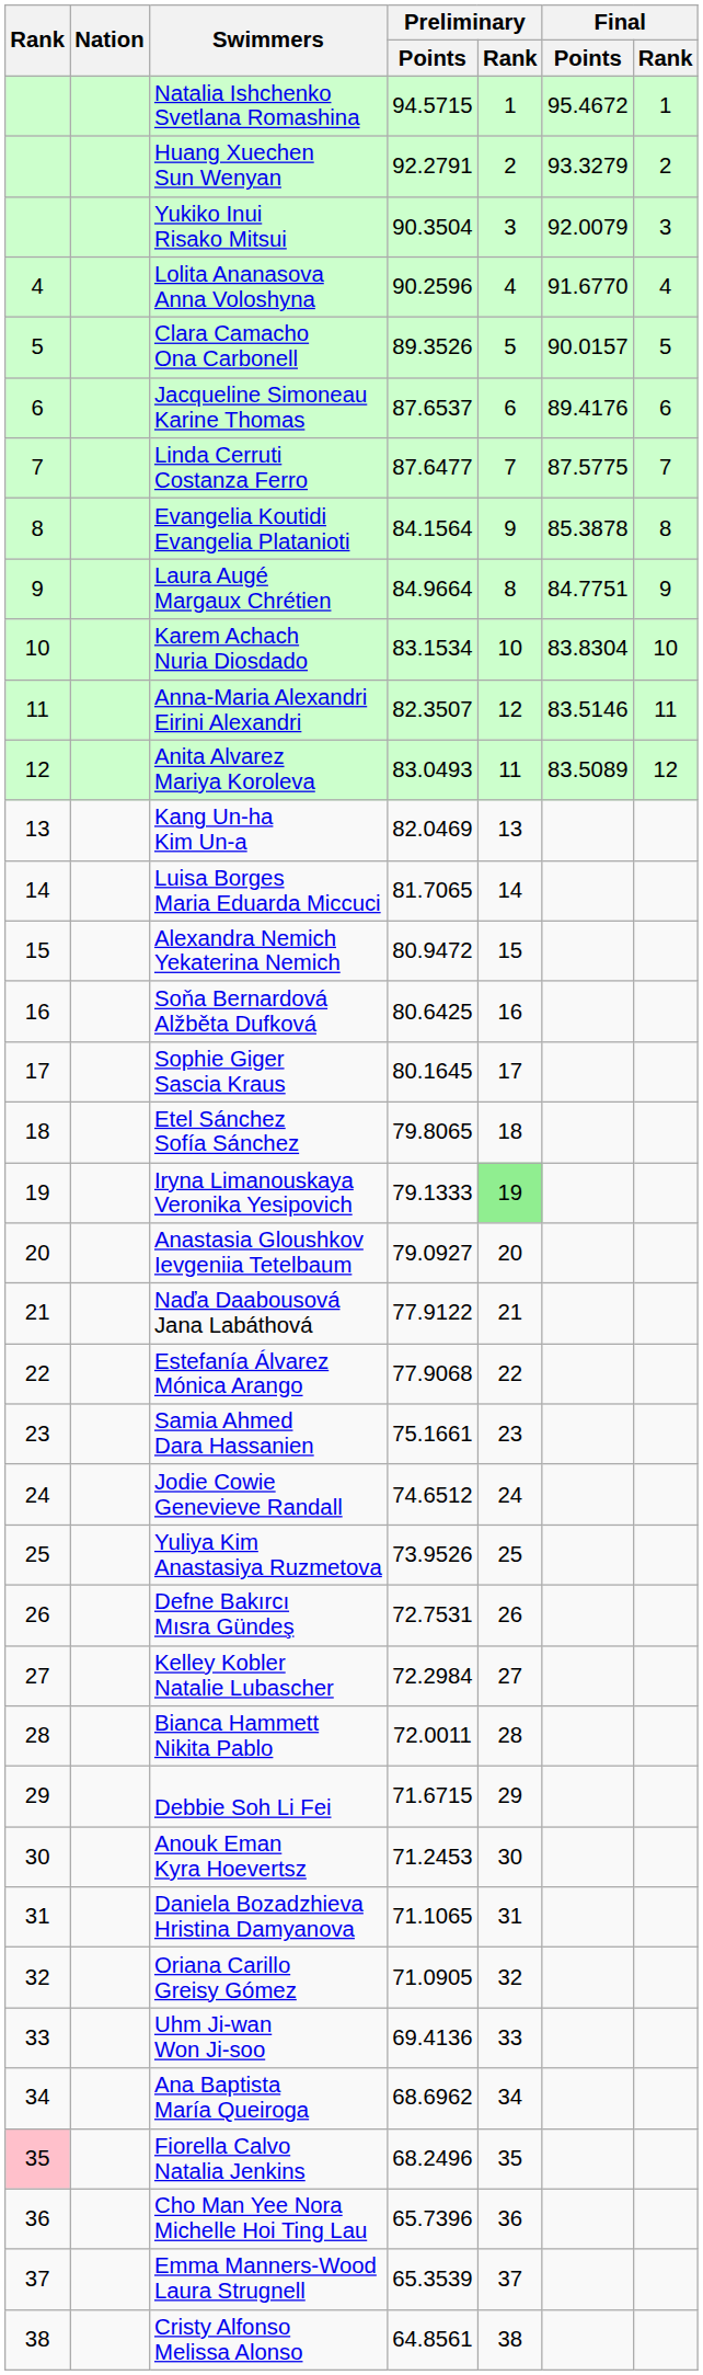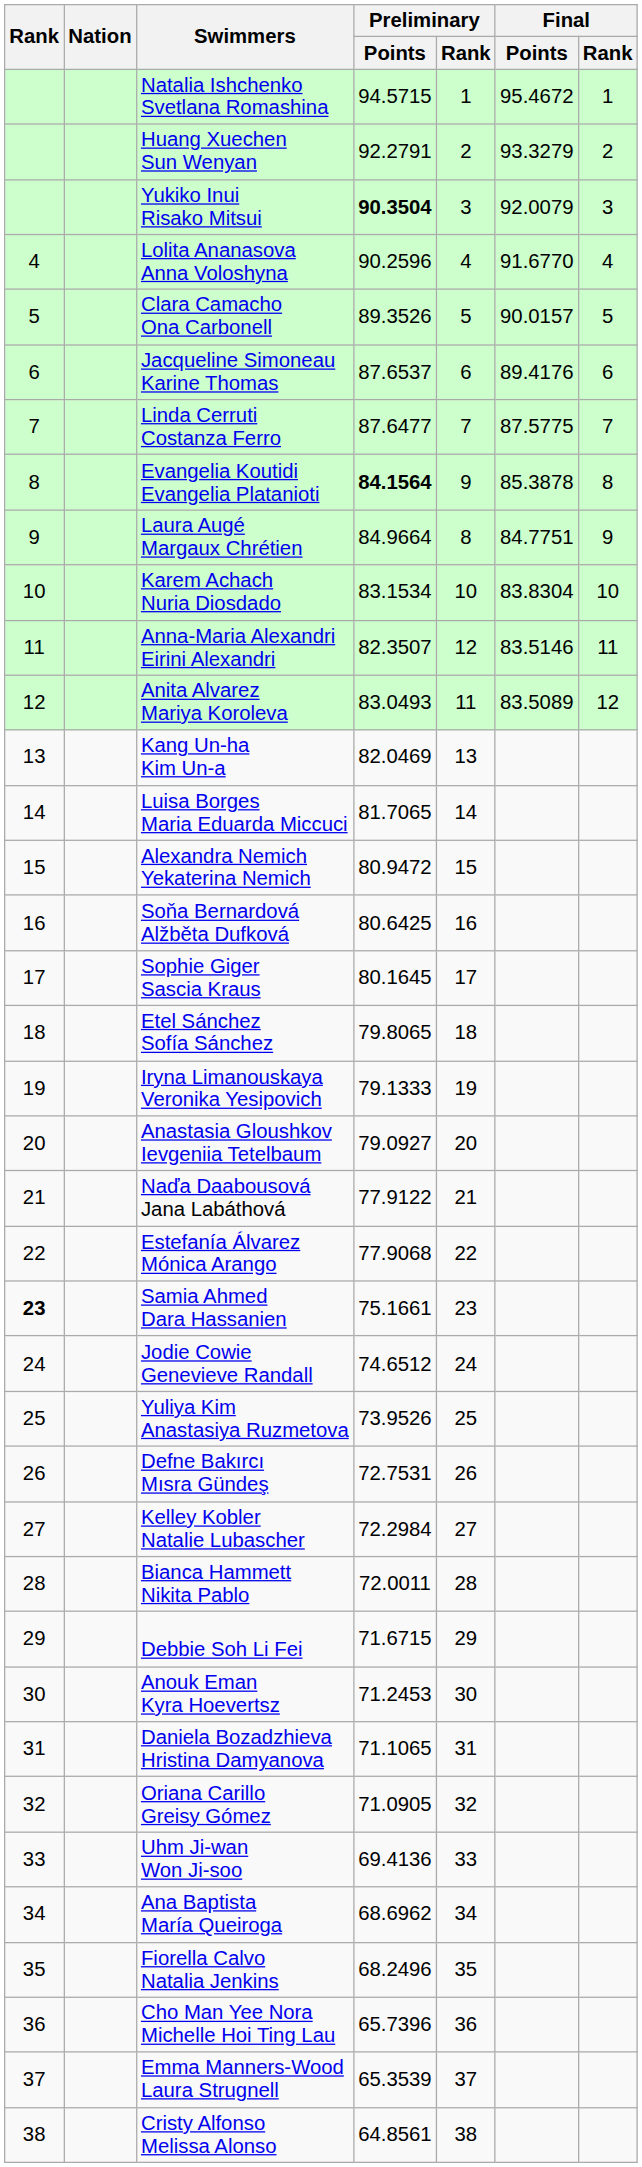 <table class="wikitable sortable" style="text-align:center">
 <tr>
 <th rowspan=2>Rank</th>
 <th rowspan=2>Nation</th>
 <th rowspan=2>Swimmers</th>
 <th colspan=2>Preliminary</th>
 <th colspan=2>Final</th>
 </tr>
 <tr>
 <th>Points</th>
 <th>Rank</th>
 <th>Points</th>
 <th>Rank</th>
 </tr>
 <tr bgcolor=ccffcc>
 <td></td>
 <td align=left></td>
 <td align=left><a href='#'>Natalia Ishchenko</a><br><a href='#'>Svetlana Romashina</a></td>
 <td>94.5715</td>
 <td>1</td>
 <td>95.4672</td>
 <td>1</td>
 </tr>
 <tr bgcolor=ccffcc>
 <td></td>
 <td align=left></td>
 <td align=left><a href='#'>Huang Xuechen</a><br><a href='#'>Sun Wenyan</a></td>
 <td>92.2791</td>
 <td>2</td>
 <td>93.3279</td>
 <td>2</td>
 </tr>
 <tr bgcolor=ccffcc>
 <td></td>
 <td align=left></td>
 <td align=left><a href='#'>Yukiko Inui</a><br><a href='#'>Risako Mitsui</a></td>
-<td>90.3504</td>
+<td><strong>90.3504</strong></td>
 <td>3</td>
 <td>92.0079</td>
 <td>3</td>
 </tr>
 <tr bgcolor=ccffcc>
 <td>4</td>
 <td align=left></td>
 <td align=left><a href='#'>Lolita Ananasova</a><br><a href='#'>Anna Voloshyna</a></td>
 <td>90.2596</td>
 <td>4</td>
 <td>91.6770</td>
 <td>4</td>
 </tr>
 <tr bgcolor=ccffcc>
 <td>5</td>
 <td align=left></td>
 <td align=left><a href='#'>Clara Camacho</a><br><a href='#'>Ona Carbonell</a></td>
 <td>89.3526</td>
 <td>5</td>
 <td>90.0157</td>
 <td>5</td>
 </tr>
 <tr bgcolor=ccffcc>
 <td>6</td>
 <td align=left></td>
 <td align=left><a href='#'>Jacqueline Simoneau</a><br><a href='#'>Karine Thomas</a></td>
 <td>87.6537</td>
 <td>6</td>
 <td>89.4176</td>
 <td>6</td>
 </tr>
 <tr bgcolor=ccffcc>
 <td>7</td>
 <td align=left></td>
 <td align=left><a href='#'>Linda Cerruti</a><br><a href='#'>Costanza Ferro</a></td>
 <td>87.6477</td>
 <td>7</td>
 <td>87.5775</td>
 <td>7</td>
 </tr>
 <tr bgcolor=ccffcc>
 <td>8</td>
 <td align=left></td>
 <td align=left><a href='#'>Evangelia Koutidi</a><br><a href='#'>Evangelia Platanioti</a></td>
-<td>84.1564</td>
+<td><strong>84.1564</strong></td>
 <td>9</td>
 <td>85.3878</td>
 <td>8</td>
 </tr>
 <tr bgcolor=ccffcc>
 <td>9</td>
 <td align=left></td>
 <td align=left><a href='#'>Laura Augé</a><br><a href='#'>Margaux Chrétien</a></td>
 <td>84.9664</td>
 <td>8</td>
 <td>84.7751</td>
 <td>9</td>
 </tr>
 <tr bgcolor=ccffcc>
 <td>10</td>
 <td align=left></td>
 <td align=left><a href='#'>Karem Achach</a><br><a href='#'>Nuria Diosdado</a></td>
 <td>83.1534</td>
 <td>10</td>
 <td>83.8304</td>
 <td>10</td>
 </tr>
 <tr bgcolor=ccffcc>
 <td>11</td>
 <td align=left></td>
 <td align=left><a href='#'>Anna-Maria Alexandri</a><br><a href='#'>Eirini Alexandri</a></td>
 <td>82.3507</td>
 <td>12</td>
 <td>83.5146</td>
 <td>11</td>
 </tr>
 <tr bgcolor=ccffcc>
 <td>12</td>
 <td align=left></td>
 <td align=left><a href='#'>Anita Alvarez</a><br><a href='#'>Mariya Koroleva</a></td>
 <td>83.0493</td>
 <td>11</td>
 <td>83.5089</td>
 <td>12</td>
 </tr>
 <tr>
 <td>13</td>
 <td align=left></td>
 <td align=left><a href='#'>Kang Un-ha</a><br><a href='#'>Kim Un-a</a></td>
 <td>82.0469</td>
 <td>13</td>
 <td></td>
 <td></td>
 </tr>
 <tr>
 <td>14</td>
 <td align=left></td>
 <td align=left><a href='#'>Luisa Borges</a><br><a href='#'>Maria Eduarda Miccuci</a></td>
 <td>81.7065</td>
 <td>14</td>
 <td></td>
 <td></td>
 </tr>
 <tr>
 <td>15</td>
 <td align=left></td>
 <td align=left><a href='#'>Alexandra Nemich</a><br><a href='#'>Yekaterina Nemich</a></td>
 <td>80.9472</td>
 <td>15</td>
 <td></td>
 <td></td>
 </tr>
 <tr>
 <td>16</td>
 <td align=left></td>
 <td align=left><a href='#'>Soňa Bernardová</a><br><a href='#'>Alžběta Dufková</a></td>
 <td>80.6425</td>
 <td>16</td>
 <td></td>
 <td></td>
 </tr>
 <tr>
 <td>17</td>
 <td align=left></td>
 <td align=left><a href='#'>Sophie Giger</a><br><a href='#'>Sascia Kraus</a></td>
 <td>80.1645</td>
 <td>17</td>
 <td></td>
 <td></td>
 </tr>
 <tr>
 <td>18</td>
 <td align=left></td>
 <td align=left><a href='#'>Etel Sánchez</a><br><a href='#'>Sofía Sánchez</a></td>
 <td>79.8065</td>
 <td>18</td>
 <td></td>
 <td></td>
 </tr>
 <tr>
 <td>19</td>
 <td align=left></td>
 <td align=left><a href='#'>Iryna Limanouskaya</a><br><a href='#'>Veronika Yesipovich</a></td>
 <td>79.1333</td>
-<td style="background: lightgreen;">19</td>
+<td>19</td>
 <td></td>
 <td></td>
 </tr>
 <tr>
 <td>20</td>
 <td align=left></td>
 <td align=left><a href='#'>Anastasia Gloushkov</a><br><a href='#'>Ievgeniia Tetelbaum</a></td>
 <td>79.0927</td>
 <td>20</td>
 <td></td>
 <td></td>
 </tr>
 <tr>
 <td>21</td>
 <td align=left></td>
 <td align=left><a href='#'>Naďa Daabousová</a><br>Jana Labáthová</td>
 <td>77.9122</td>
 <td>21</td>
 <td></td>
 <td></td>
 </tr>
 <tr>
 <td>22</td>
 <td align=left></td>
 <td align=left><a href='#'>Estefanía Álvarez</a><br><a href='#'>Mónica Arango</a></td>
 <td>77.9068</td>
 <td>22</td>
 <td></td>
 <td></td>
 </tr>
 <tr>
-<td>23</td>
+<td><strong>23</strong></td>
 <td align=left></td>
 <td align=left><a href='#'>Samia Ahmed</a><br><a href='#'>Dara Hassanien</a></td>
 <td>75.1661</td>
 <td>23</td>
 <td></td>
 <td></td>
 </tr>
 <tr>
 <td>24</td>
 <td align=left></td>
 <td align=left><a href='#'>Jodie Cowie</a><br><a href='#'>Genevieve Randall</a></td>
 <td>74.6512</td>
 <td>24</td>
 <td></td>
 <td></td>
 </tr>
 <tr>
 <td>25</td>
 <td align=left></td>
 <td align=left><a href='#'>Yuliya Kim</a><br><a href='#'>Anastasiya Ruzmetova</a></td>
 <td>73.9526</td>
 <td>25</td>
 <td></td>
 <td></td>
 </tr>
 <tr>
 <td>26</td>
 <td align=left></td>
 <td align=left><a href='#'>Defne Bakırcı</a><br><a href='#'>Mısra Gündeş</a></td>
 <td>72.7531</td>
 <td>26</td>
 <td></td>
 <td></td>
 </tr>
 <tr>
 <td>27</td>
 <td align=left></td>
 <td align=left><a href='#'>Kelley Kobler</a><br><a href='#'>Natalie Lubascher</a></td>
 <td>72.2984</td>
 <td>27</td>
 <td></td>
 <td></td>
 </tr>
 <tr>
 <td>28</td>
 <td align=left></td>
 <td align=left><a href='#'>Bianca Hammett</a><br><a href='#'>Nikita Pablo</a></td>
 <td>72.0011</td>
 <td>28</td>
 <td></td>
 <td></td>
 </tr>
 <tr>
 <td>29</td>
 <td align=left></td>
 <td align=left><br><a href='#'>Debbie Soh Li Fei</a></td>
 <td>71.6715</td>
 <td>29</td>
 <td></td>
 <td></td>
 </tr>
 <tr>
 <td>30</td>
 <td align=left></td>
 <td align=left><a href='#'>Anouk Eman</a><br><a href='#'>Kyra Hoevertsz</a></td>
 <td>71.2453</td>
 <td>30</td>
 <td></td>
 <td></td>
 </tr>
 <tr>
 <td>31</td>
 <td align=left></td>
 <td align=left><a href='#'>Daniela Bozadzhieva</a><br><a href='#'>Hristina Damyanova</a></td>
 <td>71.1065</td>
 <td>31</td>
 <td></td>
 <td></td>
 </tr>
 <tr>
 <td>32</td>
 <td align=left></td>
 <td align=left><a href='#'>Oriana Carillo</a><br><a href='#'>Greisy Gómez</a></td>
 <td>71.0905</td>
 <td>32</td>
 <td></td>
 <td></td>
 </tr>
 <tr>
 <td>33</td>
 <td align=left></td>
 <td align=left><a href='#'>Uhm Ji-wan</a><br><a href='#'>Won Ji-soo</a></td>
 <td>69.4136</td>
 <td>33</td>
 <td></td>
 <td></td>
 </tr>
 <tr>
 <td>34</td>
 <td align=left></td>
 <td align=left><a href='#'>Ana Baptista</a><br><a href='#'>María Queiroga</a></td>
 <td>68.6962</td>
 <td>34</td>
 <td></td>
 <td></td>
 </tr>
 <tr>
-<td style="background: pink;">35</td>
+<td>35</td>
 <td align=left></td>
 <td align=left><a href='#'>Fiorella Calvo</a><br><a href='#'>Natalia Jenkins</a></td>
 <td>68.2496</td>
 <td>35</td>
 <td></td>
 <td></td>
 </tr>
 <tr>
 <td>36</td>
 <td align=left></td>
 <td align=left><a href='#'>Cho Man Yee Nora</a><br><a href='#'>Michelle Hoi Ting Lau</a></td>
 <td>65.7396</td>
 <td>36</td>
 <td></td>
 <td></td>
 </tr>
 <tr>
 <td>37</td>
 <td align=left></td>
 <td align=left><a href='#'>Emma Manners-Wood</a><br><a href='#'>Laura Strugnell</a></td>
 <td>65.3539</td>
 <td>37</td>
 <td></td>
 <td></td>
 </tr>
 <tr>
 <td>38</td>
 <td align=left></td>
 <td align=left><a href='#'>Cristy Alfonso</a><br><a href='#'>Melissa Alonso</a></td>
 <td>64.8561</td>
 <td>38</td>
 <td></td>
 <td></td>
 </tr>
 </table>
